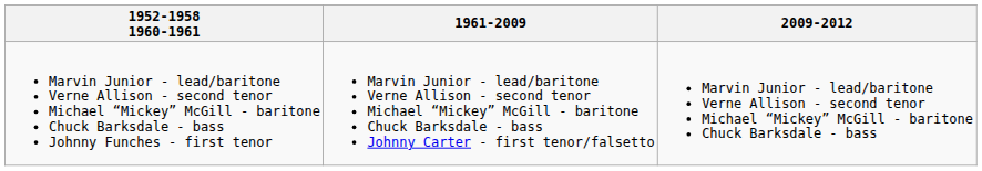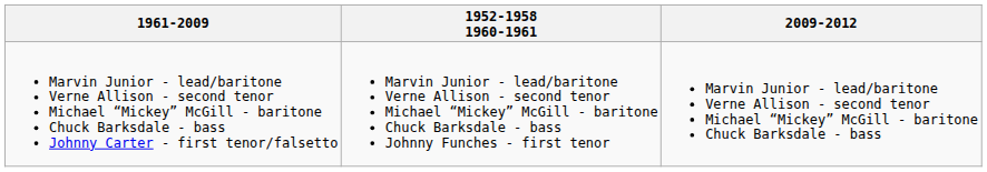 <table class="wikitable">
 <tr>
+<th>1961-2009</th>
 <th>1952-1958<br>1960-1961</th>
-<th>1961-2009</th>
 <th>2009-2012</th>
 </tr>
 <tr>
+<td><br><ul><li>Marvin Junior - lead/baritone</li><li>Verne Allison - second tenor</li><li>Michael “Mickey” McGill  - baritone</li><li>Chuck Barksdale - bass</li><li><a href='#'>Johnny Carter</a> - first tenor/falsetto</li></ul></td>
 <td><br><ul><li>Marvin Junior - lead/baritone</li><li>Verne Allison - second tenor</li><li>Michael “Mickey” McGill  - baritone</li><li>Chuck Barksdale - bass</li><li>Johnny Funches - first tenor</li></ul></td>
-<td><br><ul><li>Marvin Junior - lead/baritone</li><li>Verne Allison - second tenor</li><li>Michael “Mickey” McGill  - baritone</li><li>Chuck Barksdale - bass</li><li><a href='#'>Johnny Carter</a> - first tenor/falsetto</li></ul></td>
 <td><br><ul><li>Marvin Junior - lead/baritone</li><li>Verne Allison - second tenor</li><li>Michael “Mickey” McGill  - baritone</li><li>Chuck Barksdale - bass</li></ul></td>
 </tr>
 </table>
